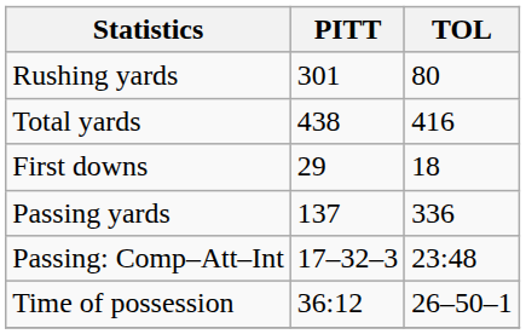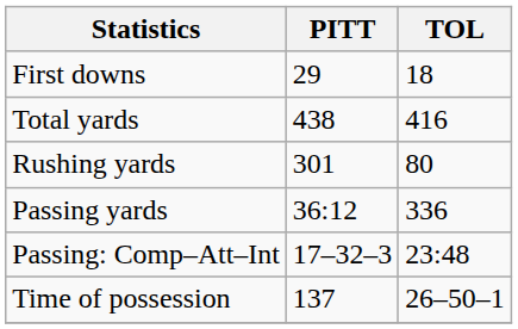 <table class="wikitable" style="float: left;">
 <tr>
 <th>Statistics</th>
 <th>PITT</th>
 <th>TOL</th>
 </tr>
 <tr>
-<td>Rushing yards</td>
-<td>301</td>
-<td>80</td>
+<td>First downs</td>
+<td>29</td>
+<td>18</td>
 </tr>
 <tr>
 <td>Total yards</td>
 <td>438</td>
 <td>416</td>
 </tr>
 <tr>
-<td>First downs</td>
-<td>29</td>
-<td>18</td>
+<td>Rushing yards</td>
+<td>301</td>
+<td>80</td>
 </tr>
 <tr>
 <td>Passing yards</td>
-<td>137</td>
+<td>36:12</td>
 <td>336</td>
 </tr>
 <tr>
 <td>Passing: Comp–Att–Int</td>
 <td>17–32–3</td>
 <td>23:48</td>
 </tr>
 <tr>
 <td>Time of possession</td>
-<td>36:12</td>
+<td>137</td>
 <td>26–50–1</td>
 </tr>
 <tr>
 </tr>
 </table>
